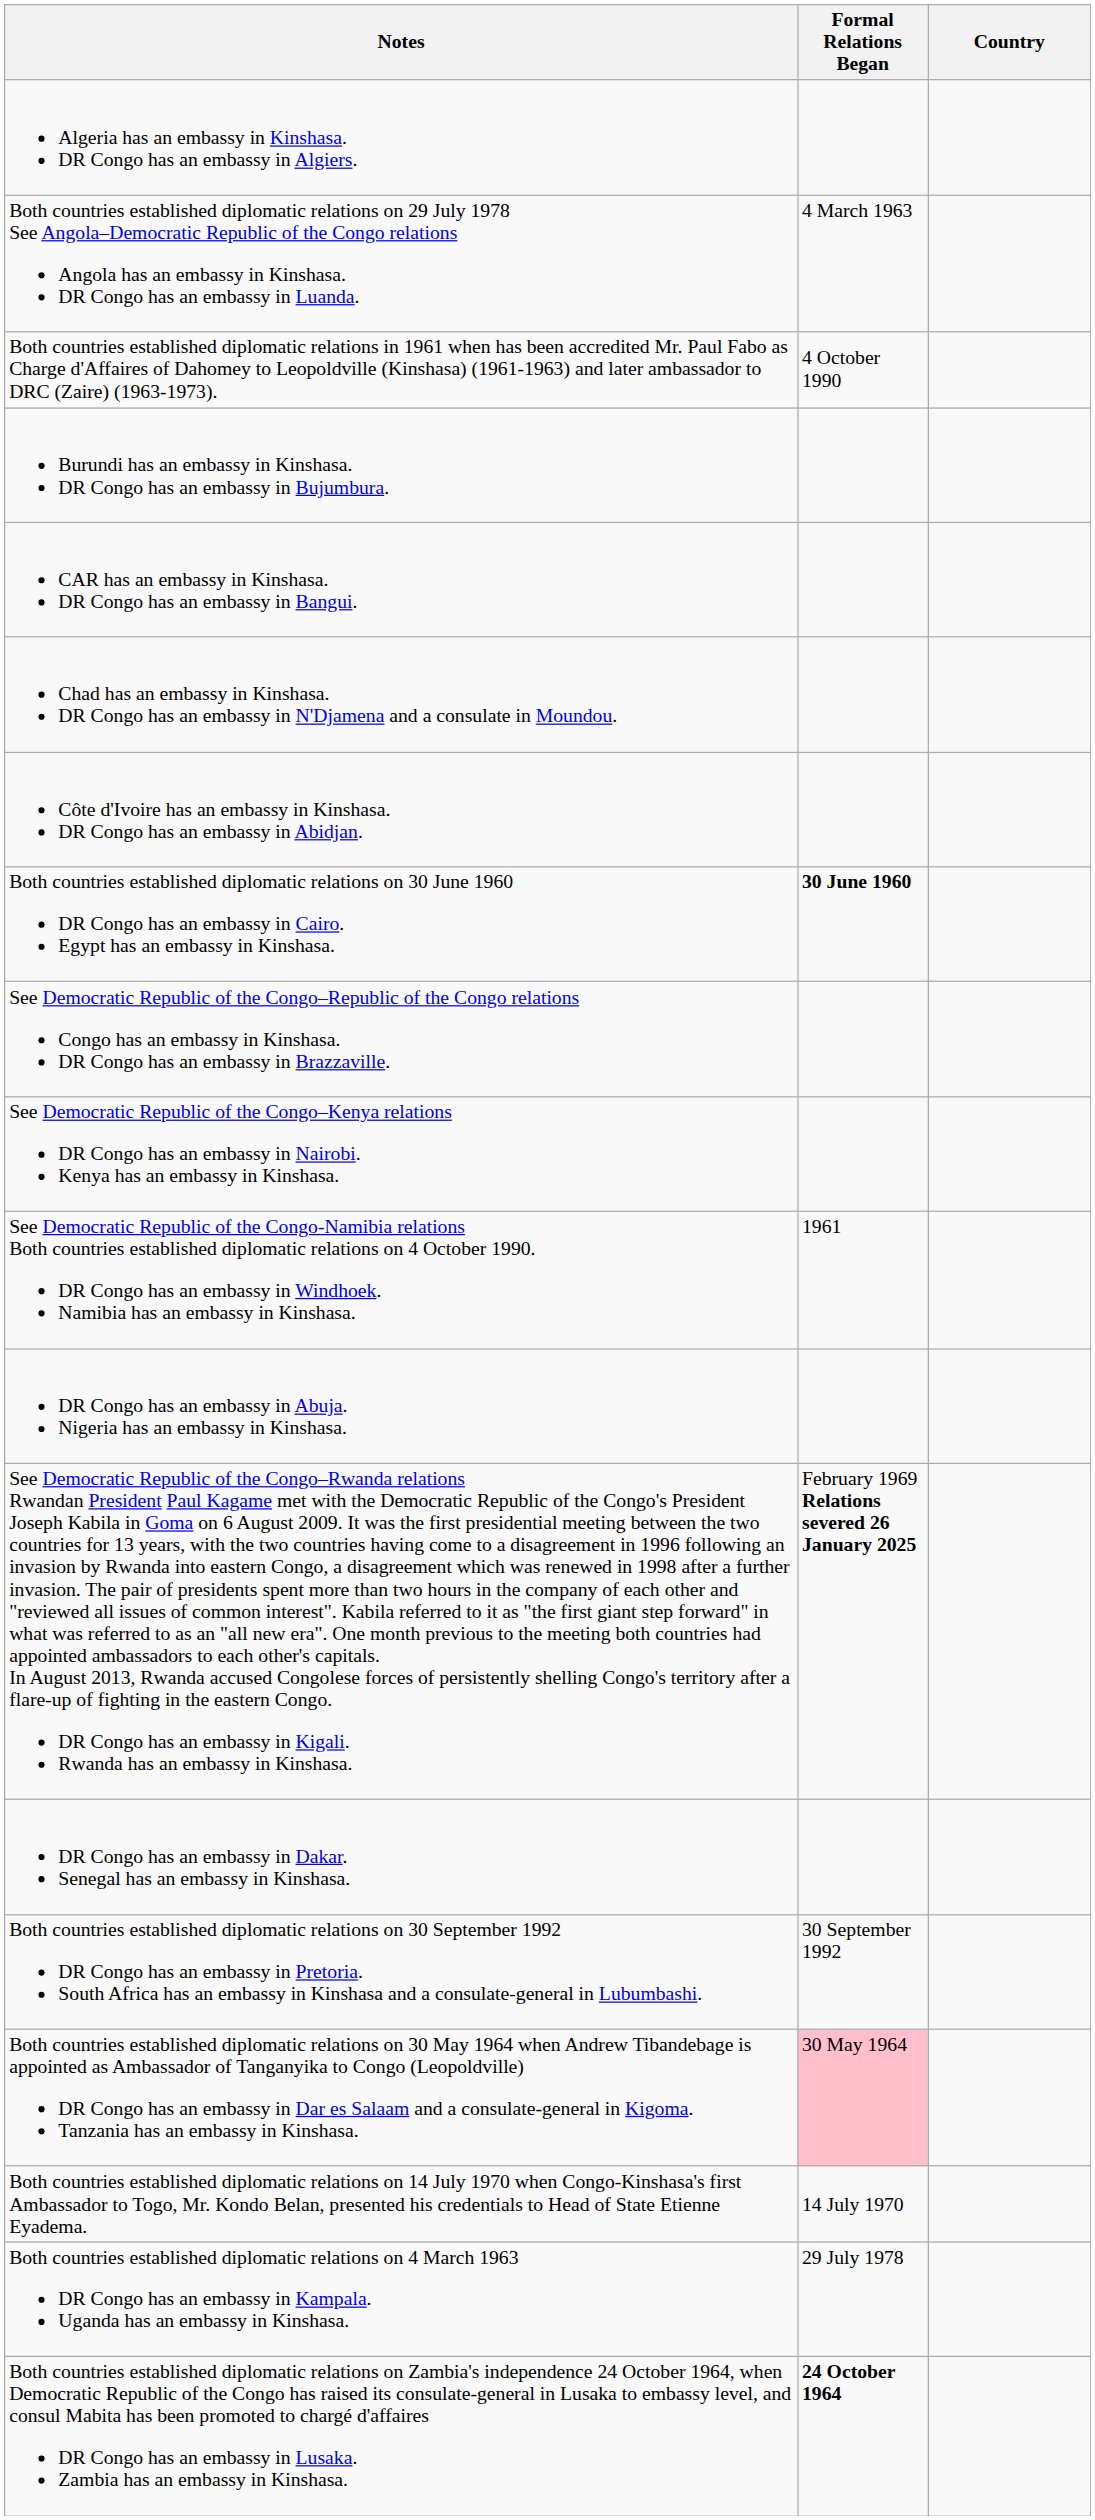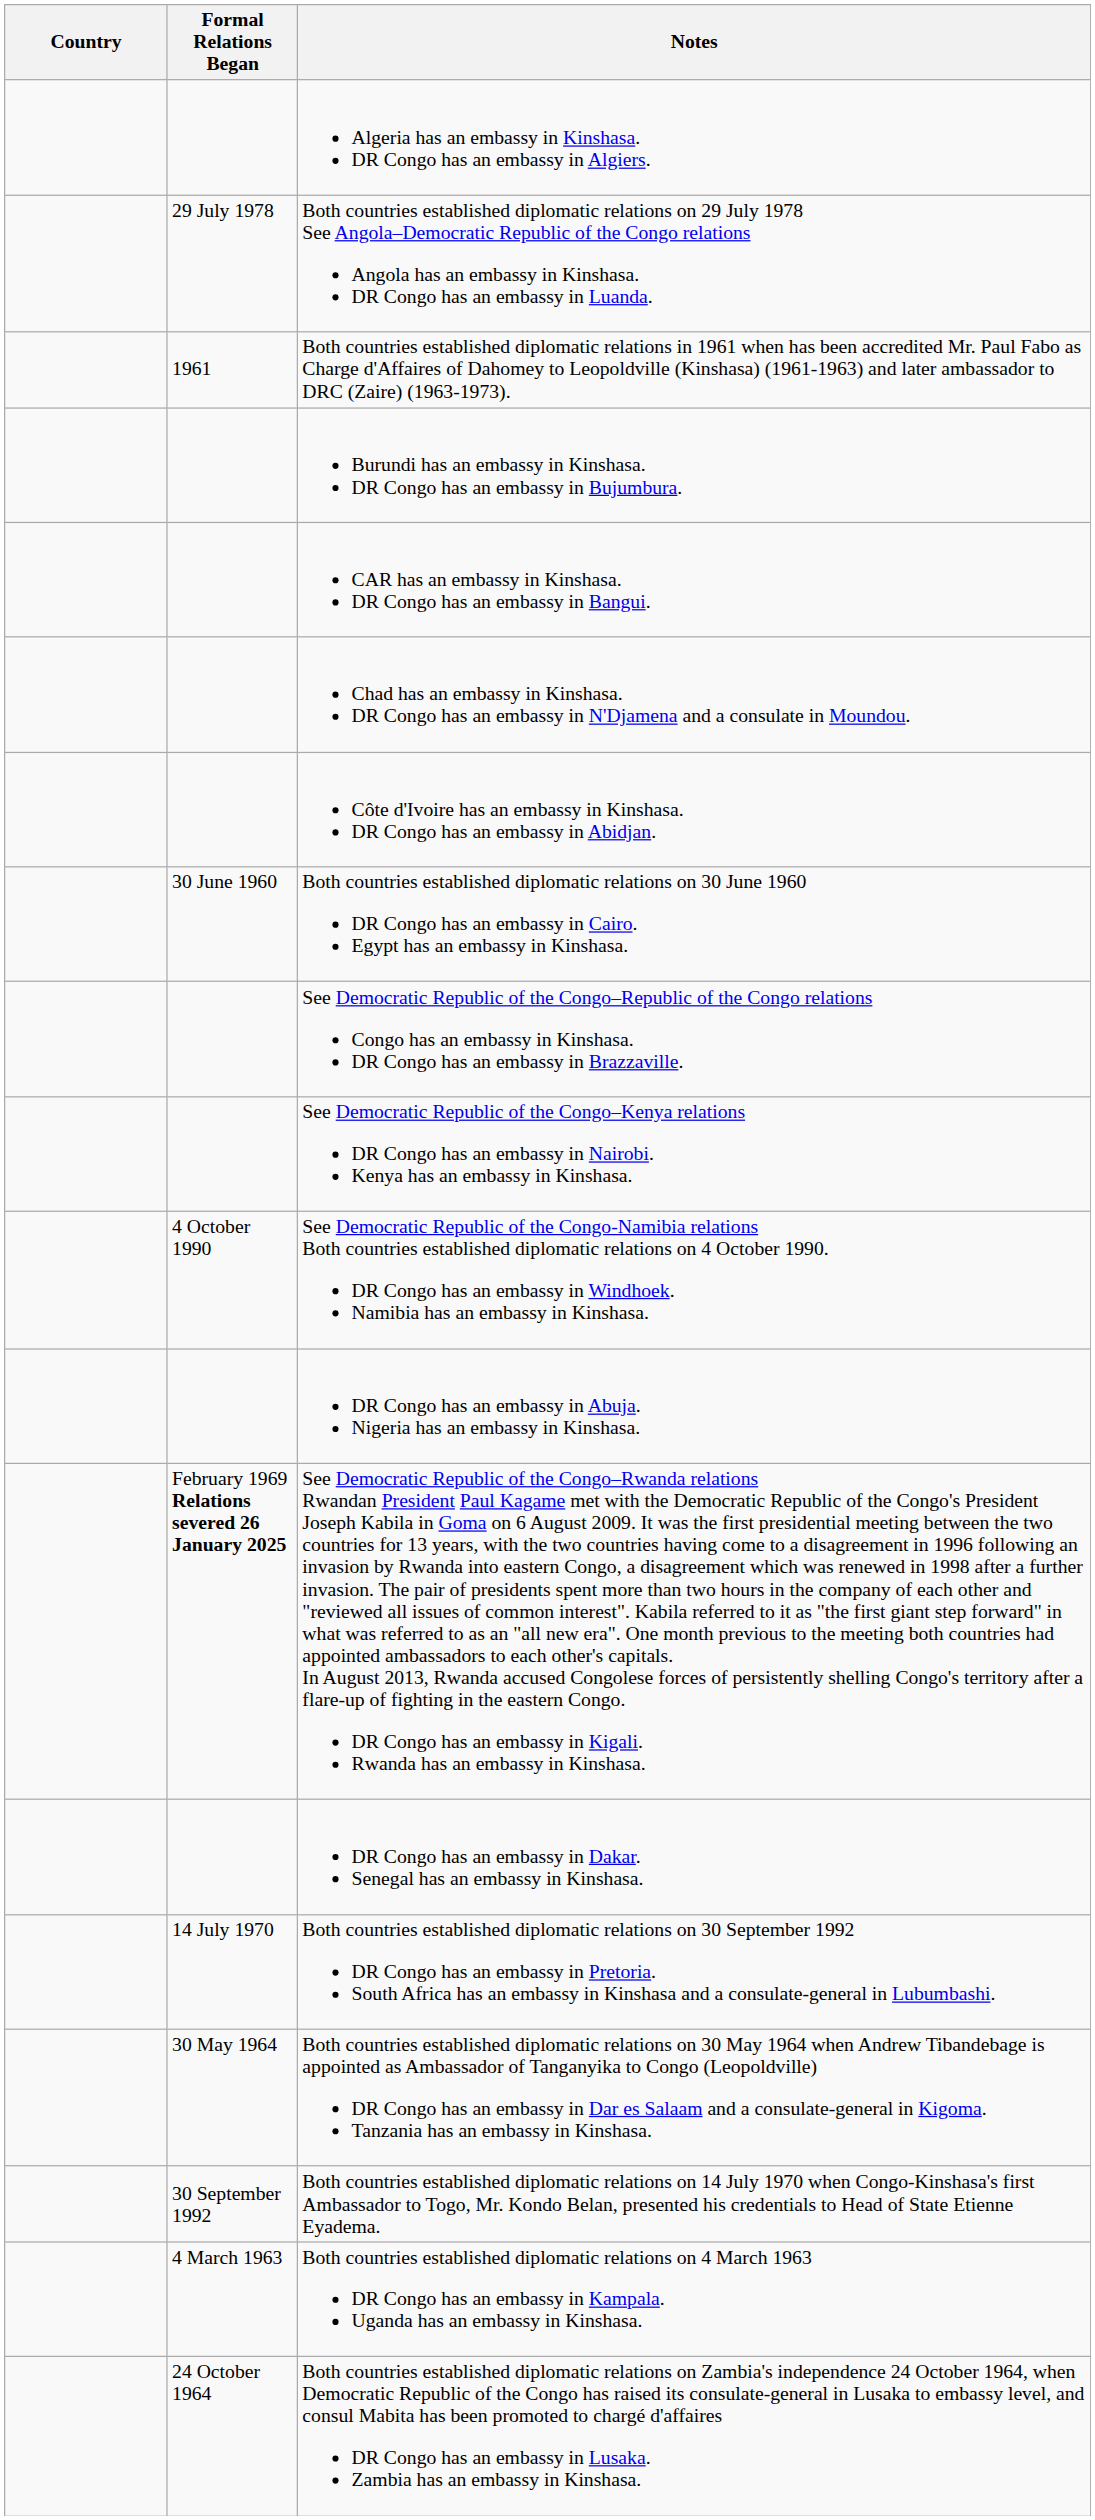 <table class="wikitable sortable" style="width:100%; margin:auto;">
 <tr>
+<th style="width:15%;">Country</th>
+<th style="width:12%;">Formal Relations Began</th>
 <th>Notes</th>
-<th style="width:12%;">Formal Relations Began</th>
-<th style="width:15%;">Country</th>
 </tr>
 <tr valign="top">
-<td><br><ul><li>Algeria has an embassy in <a href='#'>Kinshasa</a>.</li><li>DR Congo has an embassy in <a href='#'>Algiers</a>.</li></ul></td>
 <td></td>
 <td></td>
+<td><br><ul><li>Algeria has an embassy in <a href='#'>Kinshasa</a>.</li><li>DR Congo has an embassy in <a href='#'>Algiers</a>.</li></ul></td>
 </tr>
 <tr valign="top">
+<td></td>
+<td>29 July 1978</td>
 <td>Both countries established diplomatic relations on 29 July 1978<br>See <a href='#'>Angola–Democratic Republic of the Congo relations</a><ul><li>Angola has an embassy in Kinshasa.</li><li>DR Congo has an embassy in <a href='#'>Luanda</a>.</li></ul></td>
-<td>4 March 1963</td>
-<td></td>
 </tr>
 <tr>
+<td></td>
+<td>1961</td>
 <td>Both countries established diplomatic relations in 1961 when has been accredited Mr. Paul Fabo as Charge d'Affaires of Dahomey to Leopoldville (Kinshasa) (1961-1963) and later ambassador to DRC (Zaire) (1963-1973).</td>
-<td>4 October 1990</td>
-<td></td>
 </tr>
 <tr valign="top">
-<td><br><ul><li>Burundi has an embassy in Kinshasa.</li><li>DR Congo has an embassy in <a href='#'>Bujumbura</a>.</li></ul></td>
 <td></td>
 <td></td>
+<td><br><ul><li>Burundi has an embassy in Kinshasa.</li><li>DR Congo has an embassy in <a href='#'>Bujumbura</a>.</li></ul></td>
 </tr>
 <tr valign="top">
-<td><br><ul><li>CAR has an embassy in Kinshasa.</li><li>DR Congo has an embassy in <a href='#'>Bangui</a>.</li></ul></td>
 <td></td>
 <td></td>
+<td><br><ul><li>CAR has an embassy in Kinshasa.</li><li>DR Congo has an embassy in <a href='#'>Bangui</a>.</li></ul></td>
 </tr>
 <tr valign="top">
-<td><br><ul><li>Chad has an embassy in Kinshasa.</li><li>DR Congo has an embassy in <a href='#'>N'Djamena</a> and a consulate in <a href='#'>Moundou</a>.</li></ul></td>
 <td></td>
 <td></td>
+<td><br><ul><li>Chad has an embassy in Kinshasa.</li><li>DR Congo has an embassy in <a href='#'>N'Djamena</a> and a consulate in <a href='#'>Moundou</a>.</li></ul></td>
 </tr>
 <tr valign="top">
-<td><br><ul><li>Côte d'Ivoire has an embassy in Kinshasa.</li><li>DR Congo has an embassy in <a href='#'>Abidjan</a>.</li></ul></td>
 <td></td>
 <td></td>
+<td><br><ul><li>Côte d'Ivoire has an embassy in Kinshasa.</li><li>DR Congo has an embassy in <a href='#'>Abidjan</a>.</li></ul></td>
 </tr>
 <tr valign="top">
+<td></td>
+<td>30 June 1960</td>
 <td>Both countries established diplomatic relations on 30 June 1960<br><ul><li>DR Congo has an embassy in <a href='#'>Cairo</a>.</li><li>Egypt has an embassy in Kinshasa.</li></ul></td>
-<td><strong>30 June 1960</strong></td>
-<td></td>
 </tr>
 <tr valign="top">
-<td>See <a href='#'>Democratic Republic of the Congo–Republic of the Congo relations</a><br><ul><li>Congo has an embassy in Kinshasa.</li><li>DR Congo has an embassy in <a href='#'>Brazzaville</a>.</li></ul></td>
 <td></td>
 <td></td>
+<td>See <a href='#'>Democratic Republic of the Congo–Republic of the Congo relations</a><br><ul><li>Congo has an embassy in Kinshasa.</li><li>DR Congo has an embassy in <a href='#'>Brazzaville</a>.</li></ul></td>
 </tr>
 <tr valign="top">
-<td>See <a href='#'>Democratic Republic of the Congo–Kenya relations</a><br><ul><li>DR Congo has an embassy in <a href='#'>Nairobi</a>.</li><li>Kenya has an embassy in Kinshasa.</li></ul></td>
 <td></td>
 <td></td>
+<td>See <a href='#'>Democratic Republic of the Congo–Kenya relations</a><br><ul><li>DR Congo has an embassy in <a href='#'>Nairobi</a>.</li><li>Kenya has an embassy in Kinshasa.</li></ul></td>
 </tr>
 <tr valign="top">
+<td></td>
+<td>4 October 1990</td>
 <td>See <a href='#'>Democratic Republic of the Congo-Namibia relations</a><br>Both countries established diplomatic relations on 4 October 1990.<ul><li>DR Congo has an embassy in <a href='#'>Windhoek</a>.</li><li>Namibia has an embassy in Kinshasa.</li></ul></td>
-<td>1961</td>
-<td></td>
 </tr>
 <tr valign="top">
-<td><br><ul><li>DR Congo has an embassy in <a href='#'>Abuja</a>.</li><li>Nigeria has an embassy in Kinshasa.</li></ul></td>
 <td></td>
 <td></td>
+<td><br><ul><li>DR Congo has an embassy in <a href='#'>Abuja</a>.</li><li>Nigeria has an embassy in Kinshasa.</li></ul></td>
 </tr>
 <tr valign="top">
+<td></td>
+<td>February 1969<br><strong>Relations severed 26 January 2025</strong></td>
 <td>See <a href='#'>Democratic Republic of the Congo–Rwanda relations</a><br>Rwandan <a href='#'>President</a> <a href='#'>Paul Kagame</a> met with the Democratic Republic of the Congo's President Joseph Kabila in <a href='#'>Goma</a> on 6 August 2009. It was the first presidential meeting between the two countries for 13 years, with the two countries having come to a disagreement in 1996 following an invasion by Rwanda into eastern Congo, a disagreement which was renewed in 1998 after a further invasion. The pair of presidents spent more than two hours in the company of each other and "reviewed all issues of common interest". Kabila referred to it as "the first giant step forward" in what was referred to as an "all new era". One month previous to the meeting both countries had appointed ambassadors to each other's capitals.<br>In August 2013, Rwanda accused Congolese forces of persistently shelling Congo's territory after a flare-up of fighting in the eastern Congo.<ul><li>DR Congo has an embassy in <a href='#'>Kigali</a>.</li><li>Rwanda has an embassy in Kinshasa.</li></ul></td>
-<td>February 1969<br><strong>Relations severed 26 January 2025</strong></td>
-<td></td>
 </tr>
 <tr valign="top">
-<td><br><ul><li>DR Congo has an embassy in <a href='#'>Dakar</a>.</li><li>Senegal has an embassy in Kinshasa.</li></ul></td>
 <td></td>
 <td></td>
+<td><br><ul><li>DR Congo has an embassy in <a href='#'>Dakar</a>.</li><li>Senegal has an embassy in Kinshasa.</li></ul></td>
 </tr>
 <tr valign="top">
+<td></td>
+<td>14 July 1970</td>
 <td>Both countries established diplomatic relations on 30 September 1992<br><ul><li>DR Congo has an embassy in <a href='#'>Pretoria</a>.</li><li>South Africa has an embassy in Kinshasa and a consulate-general in <a href='#'>Lubumbashi</a>.</li></ul></td>
-<td>30 September 1992</td>
-<td></td>
 </tr>
 <tr valign="top">
+<td></td>
+<td>30 May 1964</td>
 <td>Both countries established diplomatic relations on 30 May 1964 when Andrew Tibandebage is appointed as Ambassador of Tanganyika to Congo (Leopoldville)<br><ul><li>DR Congo has an embassy in <a href='#'>Dar es Salaam</a> and a consulate-general in <a href='#'>Kigoma</a>.</li><li>Tanzania has an embassy in Kinshasa.</li></ul></td>
-<td style="background: pink;">30 May 1964</td>
-<td></td>
 </tr>
 <tr>
+<td></td>
+<td>30 September 1992</td>
 <td>Both countries established diplomatic relations on 14 July 1970 when Congo-Kinshasa's first Ambassador to Togo, Mr. Kondo Belan, presented his credentials to Head of State Etienne Eyadema.</td>
-<td>14 July 1970</td>
-<td></td>
 </tr>
 <tr valign="top">
+<td></td>
+<td>4 March 1963</td>
 <td>Both countries established diplomatic relations on 4 March 1963<br><ul><li>DR Congo has an embassy in <a href='#'>Kampala</a>.</li><li>Uganda has an embassy in Kinshasa.</li></ul></td>
-<td>29 July 1978</td>
-<td></td>
 </tr>
 <tr valign="top">
+<td></td>
+<td>24 October 1964</td>
 <td>Both countries established diplomatic relations on Zambia's independence 24 October 1964, when Democratic Republic of the Congo has raised its consulate-general in Lusaka to embassy level, and consul Mabita has been promoted to chargé d'affaires<br><ul><li>DR Congo has an embassy in <a href='#'>Lusaka</a>.</li><li>Zambia has an embassy in Kinshasa.</li></ul></td>
-<td><strong>24 October 1964</strong></td>
-<td></td>
 </tr>
 </table>
